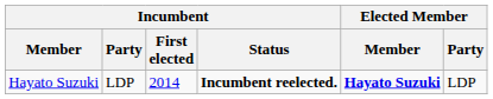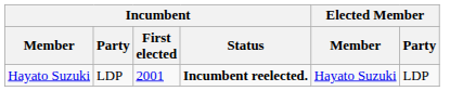 <table class="wikitable sortable">
 <tr>
 <th colspan=4>Incumbent</th>
 <th colspan=2>Elected Member</th>
 </tr>
 <tr>
 <th>Member</th>
 <th>Party</th>
 <th>First<br>elected</th>
 <th>Status</th>
 <th>Member</th>
 <th>Party</th>
 </tr>
 <tr>
 <td><a href='#'>Hayato Suzuki</a></td>
 <td>LDP</td>
-<td><a href='#'>2014</a></td>
+<td><a href='#'>2001</a></td>
 <td><strong>Incumbent reelected.</strong></td>
-<td><strong><a href='#'>Hayato Suzuki</a></strong></td>
+<td><a href='#'>Hayato Suzuki</a></td>
 <td>LDP</td>
 </tr>
 </table>
